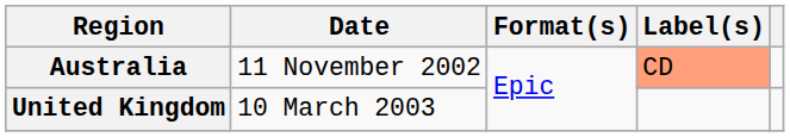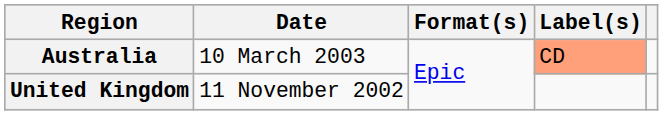 <table class="wikitable plainrowheaders">
 <tr>
 <th scope="col">Region</th>
 <th scope="col">Date</th>
 <th scope="col">Format(s)</th>
 <th scope="col">Label(s)</th>
 <th scope="col"></th>
 </tr>
 <tr>
 <th scope="row">Australia</th>
-<td>11 November 2002</td>
+<td>10 March 2003</td>
 <td rowspan="2"><a href='#'>Epic</a></td>
 <td style="background: lightsalmon;">CD</td>
 <td align="center"></td>
 </tr>
 <tr>
 <th scope="row">United Kingdom</th>
-<td>10 March 2003</td>
+<td>11 November 2002</td>
 <td></td>
 <td align="center"></td>
 </tr>
 </table>
